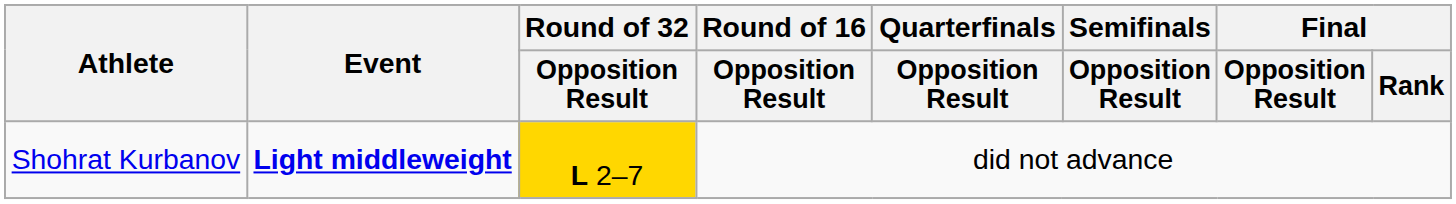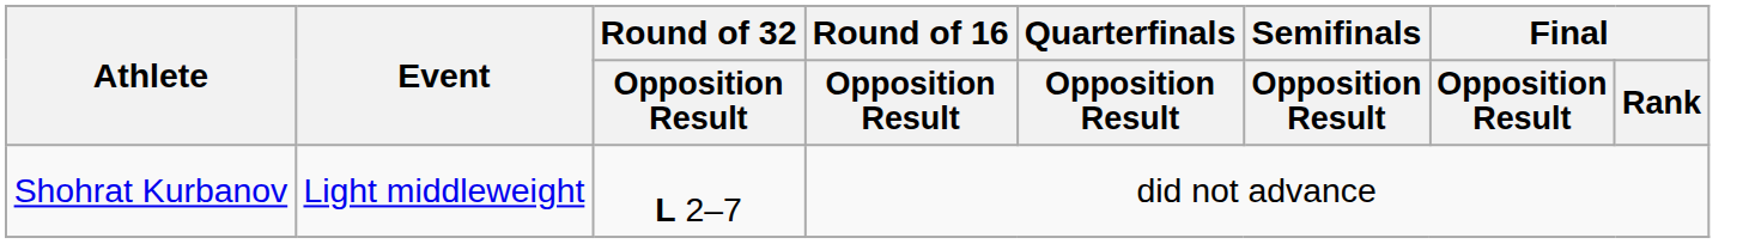 <table class="wikitable" style="font-size:90%">
 <tr>
 <th rowspan="2">Athlete</th>
 <th rowspan="2">Event</th>
 <th>Round of 32</th>
 <th>Round of 16</th>
 <th>Quarterfinals</th>
 <th>Semifinals</th>
 <th colspan=2>Final</th>
 </tr>
 <tr style="font-size:95%">
 <th>Opposition<br>Result</th>
 <th>Opposition<br>Result</th>
 <th>Opposition<br>Result</th>
 <th>Opposition<br>Result</th>
 <th>Opposition<br>Result</th>
 <th>Rank</th>
 </tr>
 <tr align=center>
 <td align=left><a href='#'>Shohrat Kurbanov</a></td>
-<td align=left><strong><a href='#'>Light middleweight</a></strong></td>
-<td style="background: gold;"><br><strong>L</strong> 2–7</td>
+<td align=left><a href='#'>Light middleweight</a></td>
+<td><br><strong>L</strong> 2–7</td>
 <td colspan=5>did not advance</td>
 </tr>
 </table>
